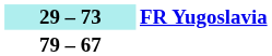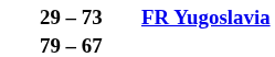 <table style="text-align:center">
 <tr>
 <th width=200></th>
 <th width=100></th>
 <th width=200></th>
 </tr>
 <tr>
 <td align=right></td>
-<td style="background: paleturquoise;"><strong>29 – 73</strong></td>
+<td><strong>29 – 73</strong></td>
 <td align=left><strong> <a href='#'>FR Yugoslavia</a></strong></td>
 </tr>
 <tr>
 <td align=right><strong></strong></td>
 <td><strong>79 – 67</strong></td>
 <td align=left></td>
 </tr>
 </table>
